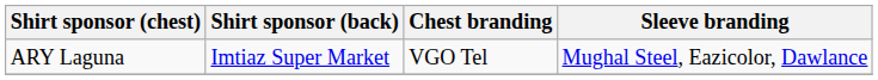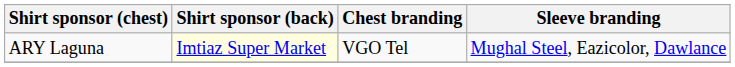 <table class="wikitable">
 <tr>
 <th>Shirt sponsor (chest)</th>
 <th>Shirt sponsor (back)</th>
 <th>Chest branding</th>
 <th>Sleeve branding</th>
 </tr>
 <tr>
 <td>ARY Laguna</td>
-<td><a href='#'>Imtiaz Super Market</a></td>
+<td style="background: lightyellow;"><a href='#'>Imtiaz Super Market</a></td>
 <td>VGO Tel</td>
 <td><a href='#'>Mughal Steel</a>, Eazicolor, <a href='#'>Dawlance</a></td>
 </tr>
 <tr>
 </tr>
 </table>
